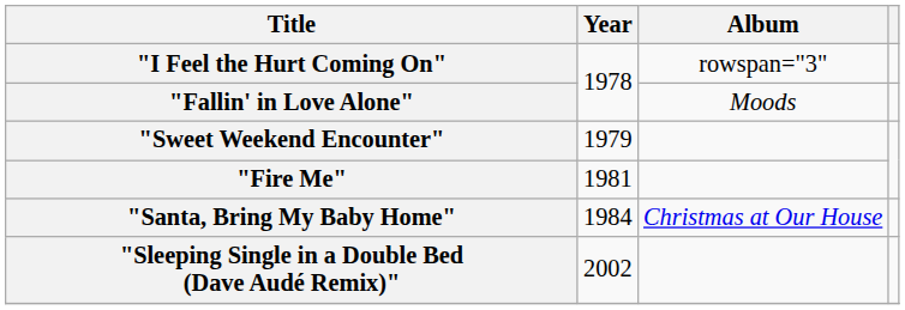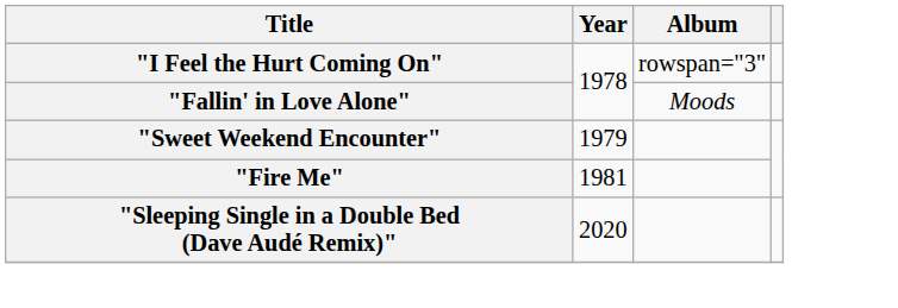 <table class="wikitable plainrowheaders" style="text-align:center;">
 <tr>
 <th style="width:23em;">Title</th>
 <th>Year</th>
 <th>Album</th>
 <th></th>
 </tr>
 <tr>
 <th scope="row">"I Feel the Hurt Coming On"</th>
 <td rowspan="2">1978</td>
 <td>rowspan="3" </td>
 <td></td>
 </tr>
 <tr>
 <th scope="row">"Fallin' in Love Alone"</th>
 <td><em>Moods</em></td>
 <td></td>
 </tr>
 <tr>
 <th scope="row">"Sweet Weekend Encounter"</th>
 <td>1979</td>
 <td></td>
 </tr>
 <tr>
 <th scope="row">"Fire Me"</th>
 <td>1981</td>
 <td></td>
 </tr>
 <tr>
-<th scope="row">"Santa, Bring My Baby Home"</th>
-<td>1984</td>
-<td><em><a href='#'>Christmas at Our House</a></em></td>
-<td></td>
-</tr>
-<tr>
 <th scope="row">"Sleeping Single in a Double Bed<br>(Dave Audé Remix)"</th>
-<td>2002</td>
+<td>2020</td>
 <td></td>
 <td></td>
 </tr>
 <tr>
 </tr>
 </table>
